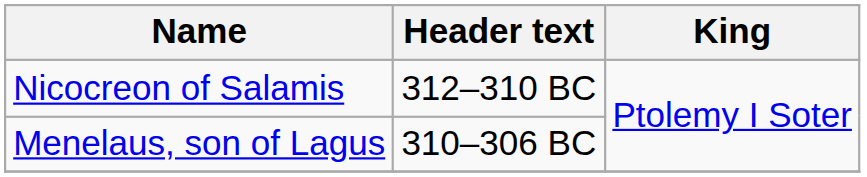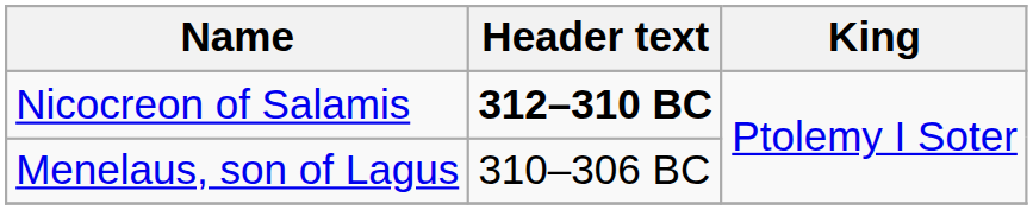 <table class="wikitable">
 <tr>
 <th>Name</th>
 <th>Header text</th>
 <th>King</th>
 </tr>
 <tr>
 <td><a href='#'>Nicocreon of Salamis</a></td>
-<td>312–310 BC</td>
+<td><strong>312–310 BC</strong></td>
 <td rowspan="2"><a href='#'>Ptolemy I Soter</a></td>
 </tr>
 <tr>
 <td><a href='#'>Menelaus, son of Lagus</a></td>
 <td>310–306 BC</td>
 </tr>
 <tr>
 </tr>
 </table>
